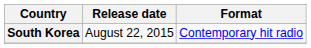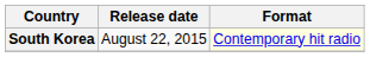 <table class="wikitable plainrowheaders">
 <tr>
 <th scope="col">Country</th>
 <th scope="col">Release date</th>
 <th scope="col">Format</th>
 </tr>
 <tr>
 <th scope="row">South Korea</th>
 <td>August 22, 2015</td>
-<td><a href='#'>Contemporary hit radio</a></td>
+<td style="background: lightyellow;"><a href='#'>Contemporary hit radio</a></td>
 </tr>
 <tr>
 </tr>
 </table>
